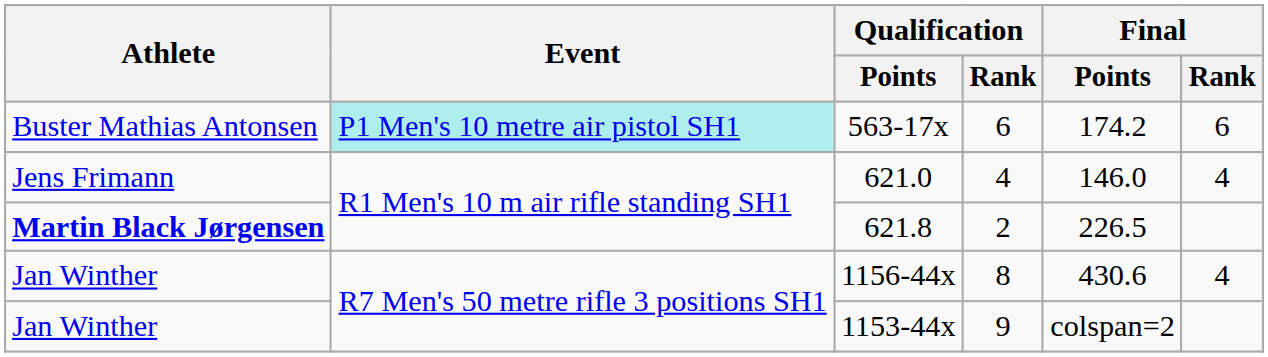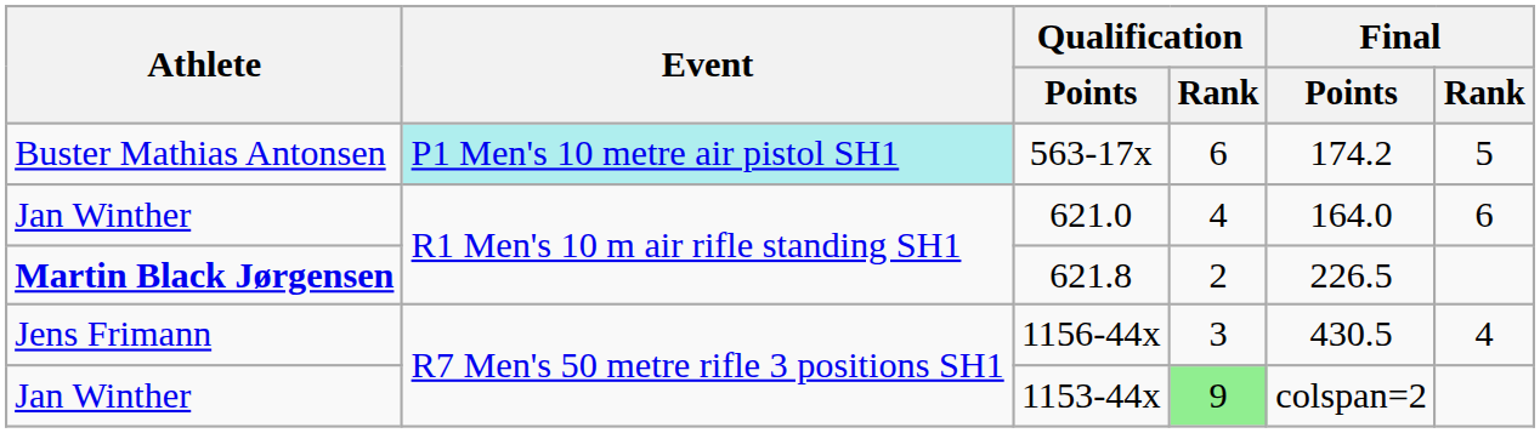 <table class="wikitable" style="font-size:90%">
 <tr>
 <th rowspan="2">Athlete</th>
 <th rowspan="2">Event</th>
 <th colspan="2">Qualification</th>
 <th colspan="2">Final</th>
 </tr>
 <tr style="font-size:95%">
 <th>Points</th>
 <th>Rank</th>
 <th>Points</th>
 <th>Rank</th>
 </tr>
 <tr align=center>
 <td align=left><a href='#'>Buster Mathias Antonsen</a></td>
 <td align=left style="background: paleturquoise;"><a href='#'>P1 Men's 10 metre air pistol SH1</a></td>
 <td>563-17x</td>
 <td>6</td>
 <td>174.2</td>
-<td>6</td>
+<td>5</td>
 </tr>
 <tr align=center>
-<td align=left><a href='#'>Jens Frimann</a></td>
+<td align=left><a href='#'>Jan Winther</a></td>
 <td align=left rowspan=2><a href='#'>R1 Men's 10 m air rifle standing SH1</a></td>
 <td>621.0</td>
 <td>4</td>
-<td>146.0</td>
-<td>4</td>
+<td>164.0</td>
+<td>6</td>
 </tr>
 <tr align=center>
 <td align=left><strong><a href='#'>Martin Black Jørgensen</a></strong></td>
 <td>621.8</td>
 <td>2</td>
 <td>226.5</td>
 <td></td>
 </tr>
 <tr align=center>
-<td align=left><a href='#'>Jan Winther</a></td>
+<td align=left><a href='#'>Jens Frimann</a></td>
 <td align=left rowspan=2><a href='#'>R7 Men's 50 metre rifle 3 positions SH1</a></td>
 <td>1156-44x</td>
-<td>8</td>
-<td>430.6</td>
+<td>3</td>
+<td>430.5</td>
 <td>4</td>
 </tr>
 <tr align=center>
 <td align=left><a href='#'>Jan Winther</a></td>
 <td>1153-44x</td>
-<td>9</td>
+<td style="background: lightgreen;">9</td>
 <td>colspan=2 </td>
 </tr>
 </table>
